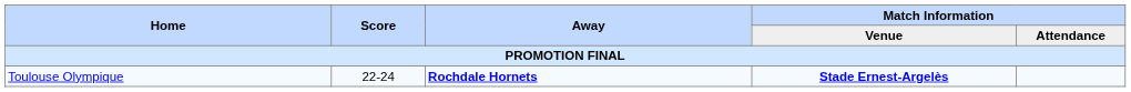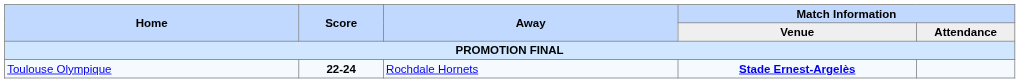 <table border="1" cellpadding="3" cellspacing="0" style="border-collapse:collapse; font-size:90%; text-align:center; width:100%;">
 <tr style="background:#c1d8ff;">
 <th rowspan="2" style="width:21%;">Home</th>
 <th rowspan="2" style="width:6%;">Score</th>
 <th rowspan="2" style="width:21%;">Away</th>
 <th colspan=6>Match Information</th>
 </tr>
 <tr style="background:#efefef;">
 <th width=17%>Venue</th>
 <th width=7%>Attendance</th>
 </tr>
 <tr style="background:#d0e7ff;">
 <td colspan=8><strong>PROMOTION FINAL</strong></td>
 </tr>
 <tr style="background:#f5faff;">
 <td align=left> <a href='#'>Toulouse Olympique</a></td>
-<td>22-24</td>
-<td align=left><strong> <a href='#'>Rochdale Hornets</a></strong></td>
+<td><strong>22-24</strong></td>
+<td align=left> <a href='#'>Rochdale Hornets</a></td>
 <td><strong><a href='#'>Stade Ernest-Argelès</a></strong></td>
 <td></td>
 </tr>
 </table>
